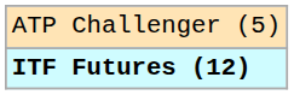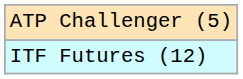 <table class=wikitable style=font-size:90%>
 <tr bgcolor=moccasin>
 <td>ATP Challenger (5)</td>
 </tr>
 <tr bgcolor=CFFCFF>
-<td><strong>ITF Futures (12)</strong></td>
+<td>ITF Futures (12)</td>
 </tr>
 </table>
